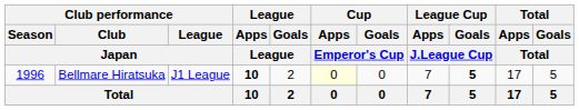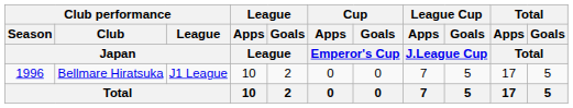 <table class="wikitable" style="text-align:center;">
 <tr>
 <th colspan=3>Club performance</th>
 <th colspan=2>League</th>
 <th colspan=2>Cup</th>
 <th colspan=2>League Cup</th>
 <th colspan=2>Total</th>
 </tr>
 <tr>
 <th>Season</th>
 <th>Club</th>
 <th>League</th>
 <th>Apps</th>
 <th>Goals</th>
 <th>Apps</th>
 <th>Goals</th>
 <th>Apps</th>
 <th>Goals</th>
 <th>Apps</th>
 <th>Goals</th>
 </tr>
 <tr>
 <th colspan=3>Japan</th>
 <th colspan=2>League</th>
 <th colspan=2><a href='#'>Emperor's Cup</a></th>
 <th colspan=2><a href='#'>J.League Cup</a></th>
 <th colspan=2>Total</th>
 </tr>
 <tr>
 <td><a href='#'>1996</a></td>
 <td><a href='#'>Bellmare Hiratsuka</a></td>
 <td><a href='#'>J1 League</a></td>
-<td><strong>10</strong></td>
+<td>10</td>
 <td>2</td>
-<td style="background: lightyellow;">0</td>
+<td>0</td>
 <td>0</td>
 <td>7</td>
-<td><strong>5</strong></td>
+<td>5</td>
 <td>17</td>
 <td>5</td>
 </tr>
 <tr>
 <th colspan=3>Total</th>
 <th>10</th>
 <th>2</th>
 <th>0</th>
 <th>0</th>
 <th>7</th>
 <th>5</th>
 <th>17</th>
 <th>5</th>
 </tr>
 </table>
